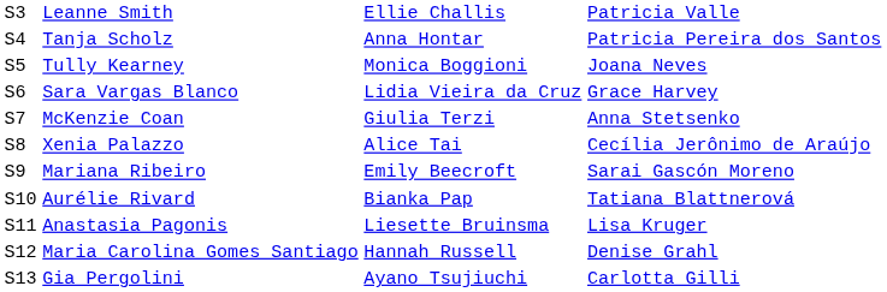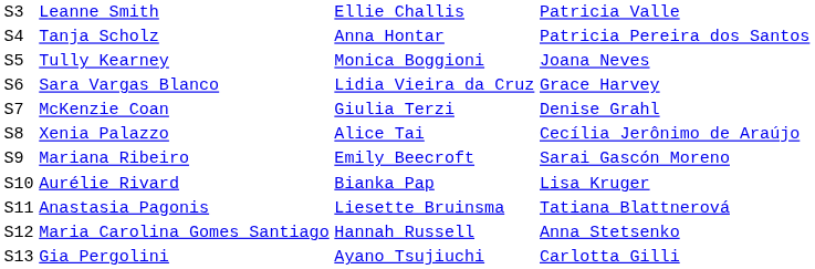 <table>
 <tr>
 <td>S3</td>
 <td><a href='#'>Leanne Smith</a><br></td>
 <td><a href='#'>Ellie Challis</a><br></td>
 <td><a href='#'>Patricia Valle</a><br></td>
 </tr>
 <tr>
 <td>S4</td>
 <td><a href='#'>Tanja Scholz</a><br></td>
 <td><a href='#'>Anna Hontar</a><br></td>
 <td><a href='#'>Patricia Pereira dos Santos</a><br></td>
 </tr>
 <tr>
 <td>S5</td>
 <td><a href='#'>Tully Kearney</a><br></td>
 <td><a href='#'>Monica Boggioni</a><br></td>
 <td><a href='#'>Joana Neves</a><br></td>
 </tr>
 <tr>
 <td>S6</td>
 <td><a href='#'>Sara Vargas Blanco</a><br></td>
 <td><a href='#'>Lidia Vieira da Cruz</a><br></td>
 <td><a href='#'>Grace Harvey</a><br></td>
 </tr>
 <tr>
 <td>S7</td>
 <td><a href='#'>McKenzie Coan</a><br></td>
 <td><a href='#'>Giulia Terzi</a><br></td>
-<td><a href='#'>Anna Stetsenko</a><br></td>
+<td><a href='#'>Denise Grahl</a><br></td>
 </tr>
 <tr>
 <td>S8</td>
 <td><a href='#'>Xenia Palazzo</a><br></td>
 <td><a href='#'>Alice Tai</a><br></td>
 <td><a href='#'>Cecília Jerônimo de Araújo</a><br></td>
 </tr>
 <tr>
 <td>S9</td>
 <td><a href='#'>Mariana Ribeiro</a><br></td>
 <td><a href='#'>Emily Beecroft</a><br></td>
 <td><a href='#'>Sarai Gascón Moreno</a><br></td>
 </tr>
 <tr>
 <td>S10</td>
 <td><a href='#'>Aurélie Rivard</a><br></td>
 <td><a href='#'>Bianka Pap</a><br></td>
-<td><a href='#'>Tatiana Blattnerová</a><br></td>
+<td><a href='#'>Lisa Kruger</a><br></td>
 </tr>
 <tr>
 <td>S11</td>
 <td><a href='#'>Anastasia Pagonis</a><br></td>
 <td><a href='#'>Liesette Bruinsma</a><br></td>
-<td><a href='#'>Lisa Kruger</a><br></td>
+<td><a href='#'>Tatiana Blattnerová</a><br></td>
 </tr>
 <tr>
 <td>S12</td>
 <td><a href='#'>Maria Carolina Gomes Santiago</a><br></td>
 <td><a href='#'>Hannah Russell</a><br></td>
-<td><a href='#'>Denise Grahl</a><br></td>
+<td><a href='#'>Anna Stetsenko</a><br></td>
 </tr>
 <tr>
 <td>S13</td>
 <td><a href='#'>Gia Pergolini</a><br></td>
 <td><a href='#'>Ayano Tsujiuchi</a><br></td>
 <td><a href='#'>Carlotta Gilli</a><br></td>
 </tr>
 </table>
